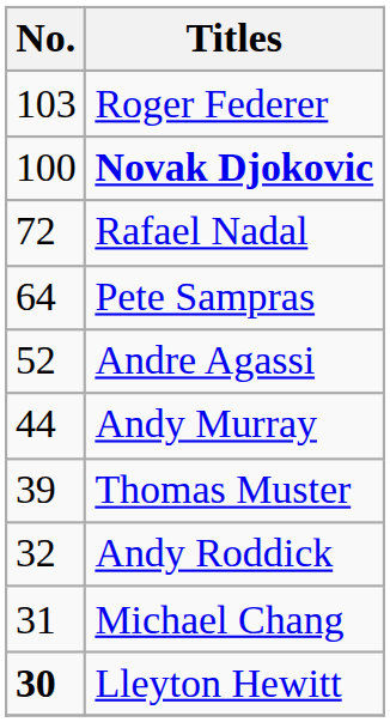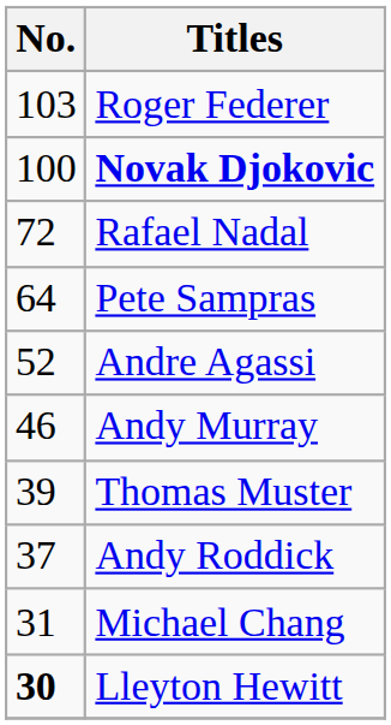 <table class="wikitable" style="display: inline-table;">
 <tr>
 <th>No.</th>
 <th>Titles</th>
 </tr>
 <tr>
 <td>103</td>
 <td> <a href='#'>Roger Federer</a></td>
 </tr>
 <tr>
 <td>100</td>
 <td> <strong><a href='#'>Novak Djokovic</a></strong></td>
 </tr>
 <tr>
 <td>72</td>
 <td> <a href='#'>Rafael Nadal</a></td>
 </tr>
 <tr>
 <td>64</td>
 <td> <a href='#'>Pete Sampras</a></td>
 </tr>
 <tr>
 <td>52 </td>
 <td> <a href='#'>Andre Agassi</a></td>
 </tr>
 <tr>
-<td>44</td>
+<td>46</td>
 <td> <a href='#'>Andy Murray</a></td>
 </tr>
 <tr>
 <td>39 </td>
 <td> <a href='#'>Thomas Muster</a></td>
 </tr>
 <tr>
-<td>32</td>
+<td>37</td>
 <td> <a href='#'>Andy Roddick</a></td>
 </tr>
 <tr>
 <td>31 </td>
 <td> <a href='#'>Michael Chang</a></td>
 </tr>
 <tr>
 <td><strong>30</strong></td>
 <td> <a href='#'>Lleyton Hewitt</a></td>
 </tr>
 <tr>
 </tr>
 </table>
